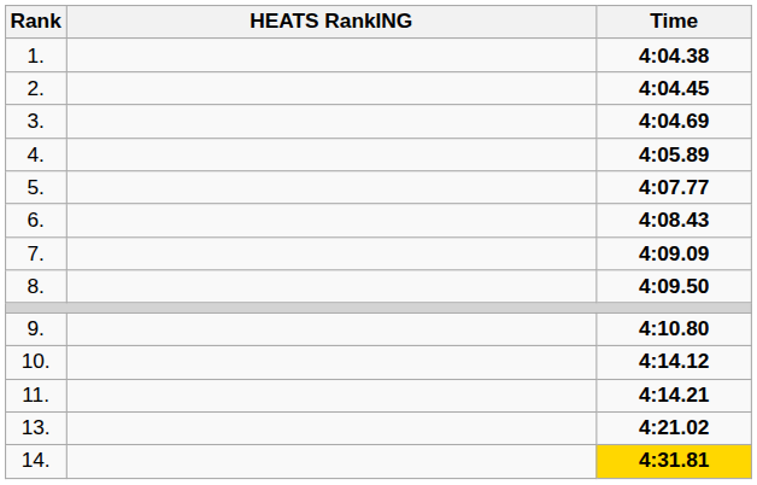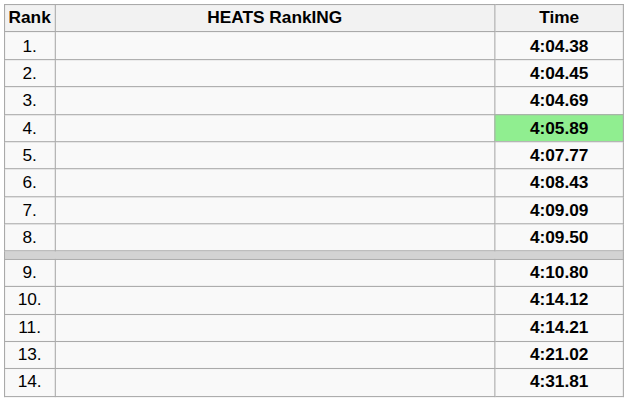 <table class="wikitable">
 <tr>
 <th>Rank</th>
 <th style="width: 25em">HEATS RankING</th>
 <th style="width: 7em">Time</th>
 </tr>
 <tr>
 <td align="center">1.</td>
 <td><strong></strong></td>
 <td align="center"><strong>4:04.38</strong></td>
 </tr>
 <tr>
 <td align="center">2.</td>
 <td><strong></strong></td>
 <td align="center"><strong>4:04.45</strong></td>
 </tr>
 <tr>
 <td align="center">3.</td>
 <td><strong></strong></td>
 <td align="center"><strong>4:04.69</strong></td>
 </tr>
 <tr>
 <td align="center">4.</td>
 <td><strong></strong></td>
-<td align="center"><strong>4:05.89</strong></td>
+<td align="center" style="background: lightgreen;"><strong>4:05.89</strong></td>
 </tr>
 <tr>
 <td align="center">5.</td>
 <td><strong></strong></td>
 <td align="center"><strong>4:07.77</strong></td>
 </tr>
 <tr>
 <td align="center">6.</td>
 <td><strong></strong></td>
 <td align="center"><strong>4:08.43</strong></td>
 </tr>
 <tr>
 <td align="center">7.</td>
 <td><strong></strong></td>
 <td align="center"><strong>4:09.09</strong></td>
 </tr>
 <tr>
 <td align="center">8.</td>
 <td><strong></strong></td>
 <td align="center"><strong>4:09.50</strong></td>
 </tr>
 <tr>
 <td colspan=3 bgcolor=lightgray></td>
 </tr>
 <tr>
 <td align="center">9.</td>
 <td><strong></strong></td>
 <td align="center"><strong>4:10.80</strong></td>
 </tr>
 <tr>
 <td align="center">10.</td>
 <td><strong></strong></td>
 <td align="center"><strong>4:14.12</strong></td>
 </tr>
 <tr>
 <td align="center">11.</td>
 <td><strong></strong></td>
 <td align="center"><strong>4:14.21</strong></td>
 </tr>
 <tr>
 <td align="center">13.</td>
 <td><strong></strong></td>
 <td align="center"><strong>4:21.02</strong></td>
 </tr>
 <tr>
 <td align="center">14.</td>
 <td><strong></strong></td>
-<td align="center" style="background: gold;"><strong>4:31.81</strong></td>
+<td align="center"><strong>4:31.81</strong></td>
 </tr>
 </table>
